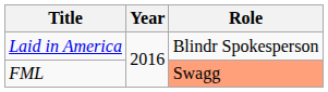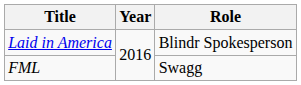 <table class="wikitable">
 <tr>
 <th>Title</th>
 <th>Year</th>
 <th>Role</th>
 </tr>
 <tr>
 <td><em><a href='#'>Laid in America</a></em></td>
 <td rowspan="2">2016</td>
 <td>Blindr Spokesperson</td>
 </tr>
 <tr>
 <td><em>FML</em></td>
-<td style="background: lightsalmon;">Swagg</td>
+<td>Swagg</td>
 </tr>
 </table>
